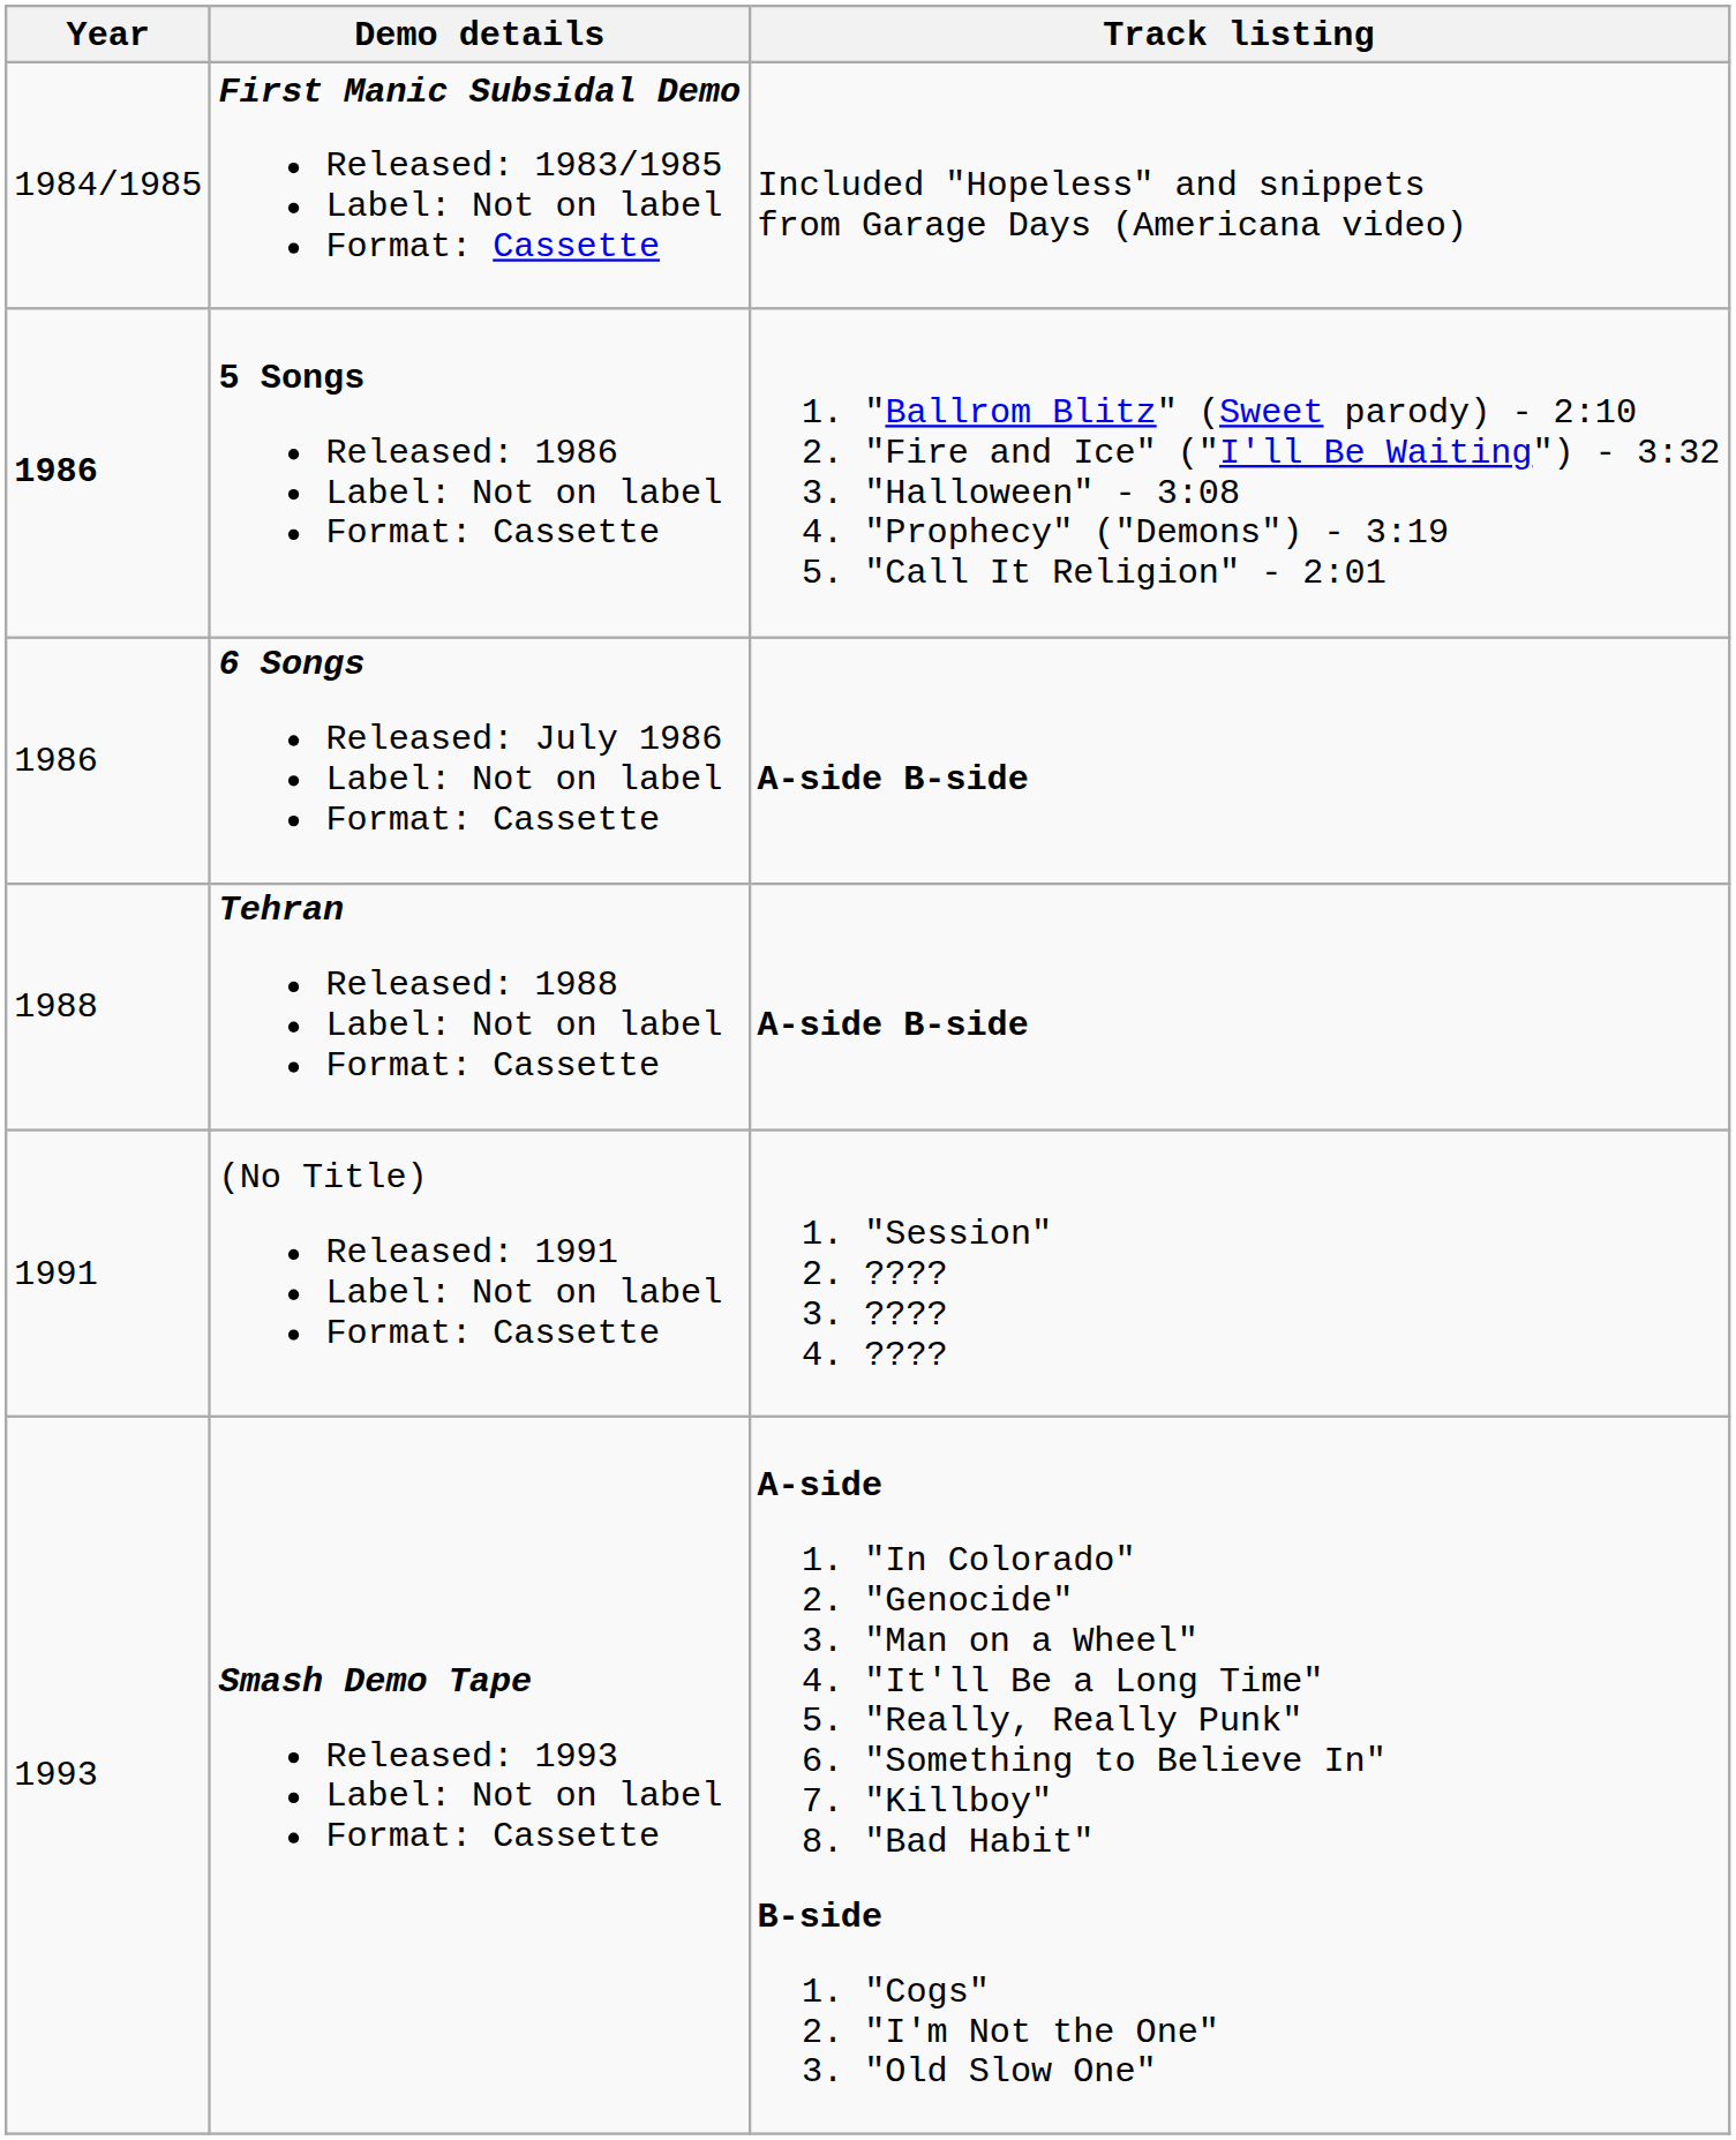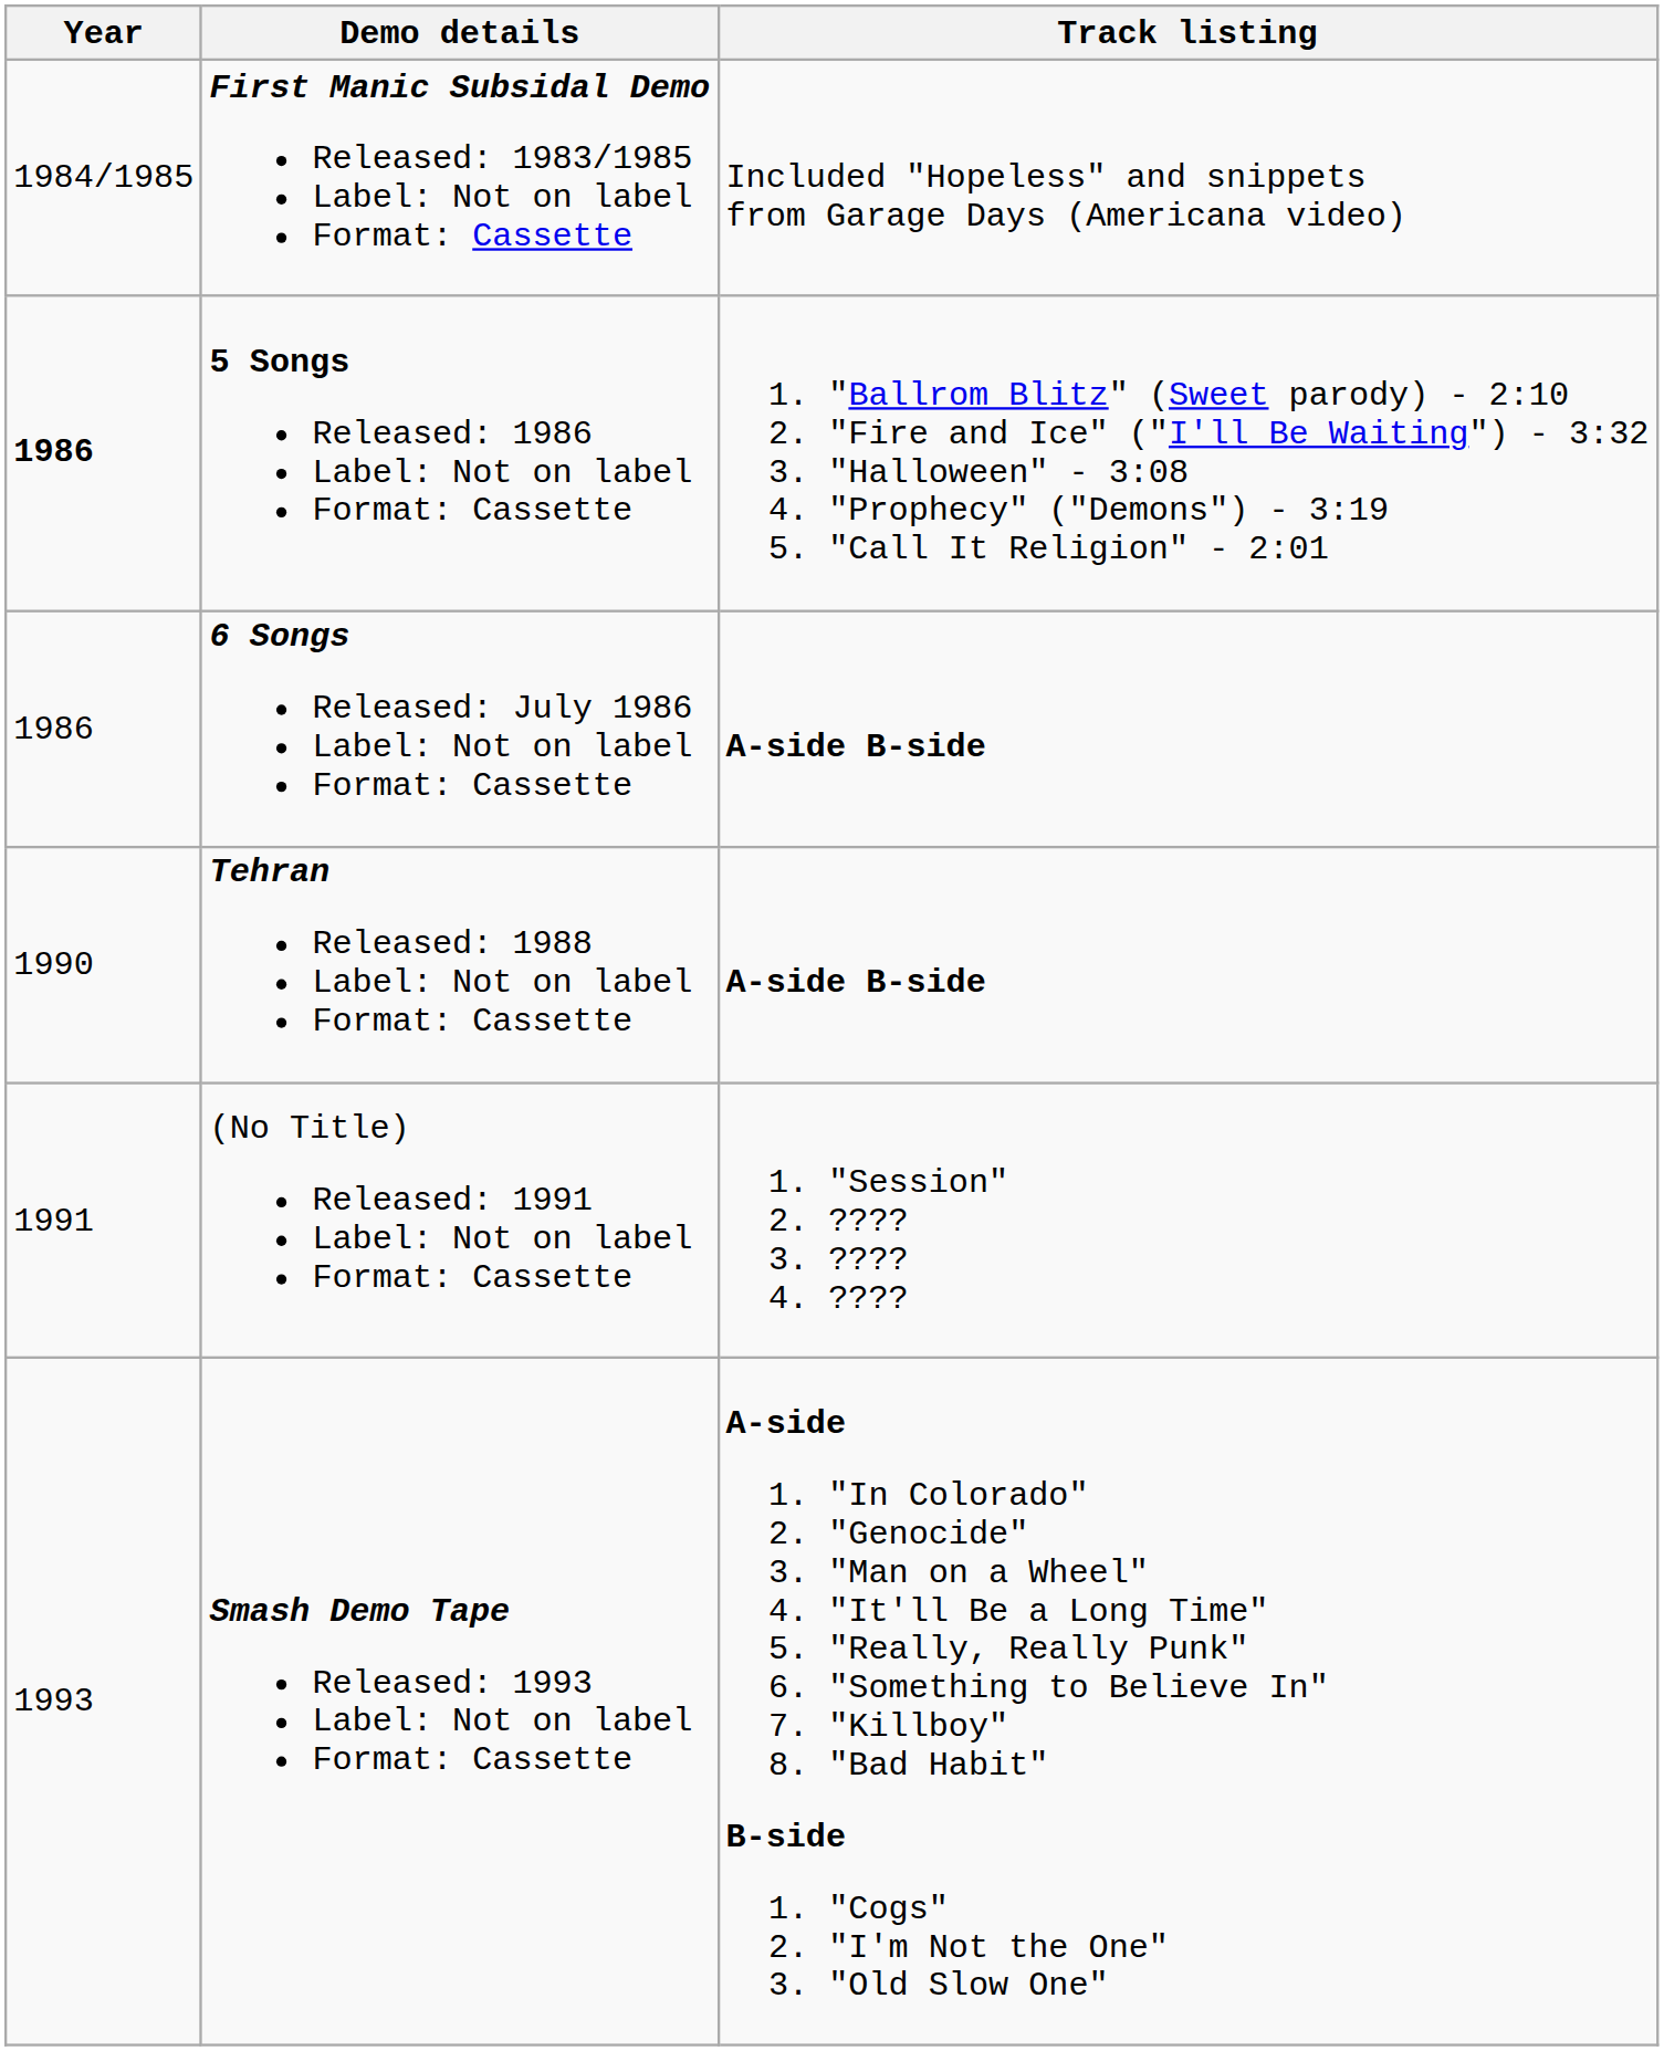 <table class="wikitable">
 <tr>
 <th width=33>Year</th>
 <th>Demo details</th>
 <th>Track listing</th>
 </tr>
 <tr>
 <td>1984/1985</td>
 <td><strong><em>First Manic Subsidal Demo</em></strong><br><ul><li>Released: 1983/1985</li><li>Label: Not on label</li><li>Format: <a href='#'>Cassette</a></li></ul></td>
 <td><br>Included "Hopeless" and snippets<br>from Garage Days (Americana video)</td>
 </tr>
 <tr>
 <td><strong>1986</strong></td>
 <td><strong>5 Songs</strong><br><ul><li>Released: 1986</li><li>Label: Not on label</li><li>Format: Cassette</li></ul></td>
 <td><br><ol><li>"<a href='#'>Ballrom Blitz</a>" (<a href='#'>Sweet</a> parody) - 2:10</li><li>"Fire and Ice" ("<a href='#'>I'll Be Waiting</a>") - 3:32</li><li>"Halloween" - 3:08</li><li>"Prophecy" ("Demons") - 3:19</li><li>"Call It Religion" - 2:01</li></ol></td>
 </tr>
 <tr>
 <td>1986</td>
 <td><strong><em>6 Songs</em></strong><br><ul><li>Released: July 1986</li><li>Label: Not on label</li><li>Format: Cassette</li></ul></td>
 <td><br><strong>A-side</strong>  <strong>B-side</strong> </td>
 </tr>
 <tr>
-<td>1988</td>
+<td>1990</td>
 <td><strong><em>Tehran</em></strong><br><ul><li>Released: 1988</li><li>Label: Not on label</li><li>Format: Cassette</li></ul></td>
 <td><br><strong>A-side</strong>  <strong>B-side</strong> </td>
 </tr>
 <tr>
 <td>1991</td>
 <td>(No Title)<br><ul><li>Released: 1991</li><li>Label: Not on label</li><li>Format: Cassette</li></ul></td>
 <td><br><ol><li>"Session"</li><li>????</li><li>????</li><li>????</li></ol></td>
 </tr>
 <tr>
 <td>1993</td>
 <td><strong><em>Smash Demo Tape</em></strong><br><ul><li>Released: 1993</li><li>Label: Not on label</li><li>Format: Cassette</li></ul></td>
 <td><br><strong>A-side</strong><ol><li>"In Colorado" </li><li>"Genocide"</li><li>"Man on a Wheel" </li><li>"It'll Be a Long Time"</li><li>"Really, Really Punk" </li><li>"Something to Believe In"</li><li>"Killboy" </li><li>"Bad Habit"</li></ol><strong>B-side</strong><ol><li>"Cogs" </li><li>"I'm Not the One" </li><li>"Old Slow One" </li></ol></td>
 </tr>
 </table>
